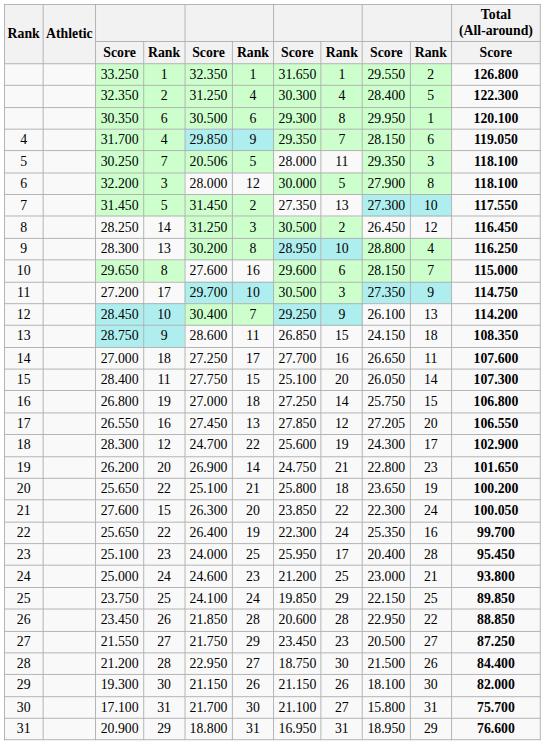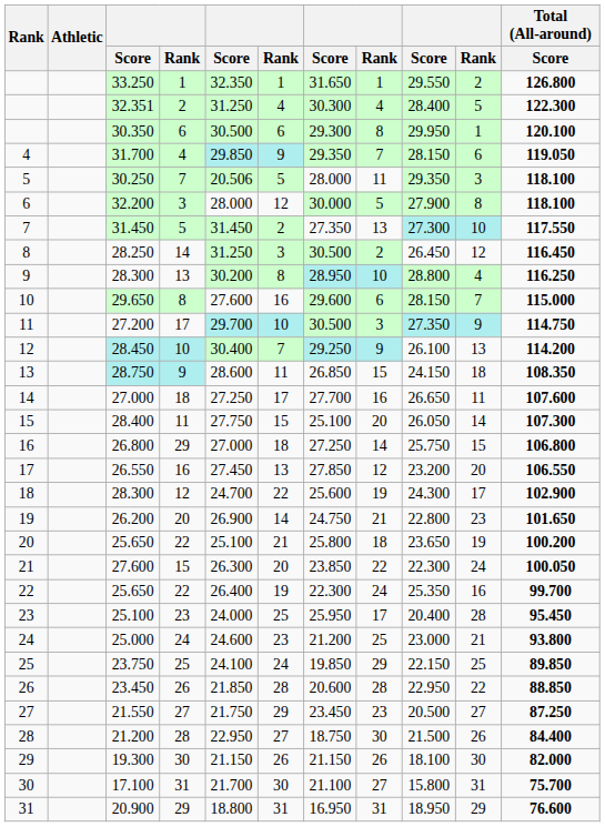 <table class="wikitable" style="text-align:center">
 <tr>
 <th rowspan="2">Rank</th>
 <th rowspan="2">Athletic</th>
 <th style="width:6em" colspan=2></th>
 <th style="width:6em" colspan=2></th>
 <th style="width:6em" colspan=2></th>
 <th style="width:6em" colspan=2></th>
 <th style="width:6em" colspan=2>Total<br>(All-around)</th>
 </tr>
 <tr>
 <th>Score</th>
 <th>Rank</th>
 <th>Score</th>
 <th>Rank</th>
 <th>Score</th>
 <th>Rank</th>
 <th>Score</th>
 <th>Rank</th>
 <th>Score</th>
 </tr>
 <tr>
 <td></td>
 <td align="left"></td>
 <td bgcolor="#ccffcc">33.250</td>
 <td bgcolor="#ccffcc">1</td>
 <td bgcolor="#ccffcc">32.350</td>
 <td bgcolor="#ccffcc">1</td>
 <td bgcolor="#ccffcc">31.650</td>
 <td bgcolor="#ccffcc">1</td>
 <td bgcolor="#ccffcc">29.550</td>
 <td bgcolor="#ccffcc">2</td>
 <td><strong>126.800</strong></td>
 </tr>
 <tr>
 <td></td>
 <td align="left"></td>
-<td bgcolor="#ccffcc">32.350</td>
+<td bgcolor="#ccffcc">32.351</td>
 <td bgcolor="#ccffcc">2</td>
 <td bgcolor="#ccffcc">31.250</td>
 <td bgcolor="#ccffcc">4</td>
 <td bgcolor="#ccffcc">30.300</td>
 <td bgcolor="#ccffcc">4</td>
 <td bgcolor="#ccffcc">28.400</td>
 <td bgcolor="#ccffcc">5</td>
 <td><strong>122.300</strong></td>
 </tr>
 <tr>
 <td></td>
 <td align="left"></td>
 <td bgcolor="#ccffcc">30.350</td>
 <td bgcolor="#ccffcc">6</td>
 <td bgcolor="#ccffcc">30.500</td>
 <td bgcolor="#ccffcc">6</td>
 <td bgcolor="#ccffcc">29.300</td>
 <td bgcolor="#ccffcc">8</td>
 <td bgcolor="#ccffcc">29.950</td>
 <td bgcolor="#ccffcc">1</td>
 <td><strong>120.100</strong></td>
 </tr>
 <tr>
 <td>4</td>
 <td align="left"></td>
 <td bgcolor="#ccffcc">31.700</td>
 <td bgcolor="#ccffcc">4</td>
 <td bgcolor="#afeeee">29.850</td>
 <td bgcolor="#afeeee">9</td>
 <td bgcolor="#ccffcc">29.350</td>
 <td bgcolor="#ccffcc">7</td>
 <td bgcolor="#ccffcc">28.150</td>
 <td bgcolor="#ccffcc">6</td>
 <td><strong>119.050</strong></td>
 </tr>
 <tr>
 <td>5</td>
 <td align="left"></td>
 <td bgcolor="#ccffcc">30.250</td>
 <td bgcolor="#ccffcc">7</td>
 <td bgcolor="#ccffcc">20.506</td>
 <td bgcolor="#ccffcc">5</td>
 <td>28.000</td>
 <td>11</td>
 <td bgcolor="#ccffcc">29.350</td>
 <td bgcolor="#ccffcc">3</td>
 <td><strong>118.100</strong></td>
 </tr>
 <tr>
 <td>6</td>
 <td align="left"></td>
 <td bgcolor="#ccffcc">32.200</td>
 <td bgcolor="#ccffcc">3</td>
 <td>28.000</td>
 <td>12</td>
 <td bgcolor="#ccffcc">30.000</td>
 <td bgcolor="#ccffcc">5</td>
 <td bgcolor="#ccffcc">27.900</td>
 <td bgcolor="#ccffcc">8</td>
 <td><strong>118.100</strong></td>
 </tr>
 <tr>
 <td>7</td>
 <td align="left"></td>
 <td bgcolor="#ccffcc">31.450</td>
 <td bgcolor="#ccffcc">5</td>
 <td bgcolor="#ccffcc">31.450</td>
 <td bgcolor="#ccffcc">2</td>
 <td>27.350</td>
 <td>13</td>
 <td bgcolor="#afeeee">27.300</td>
 <td bgcolor="#afeeee">10</td>
 <td><strong>117.550</strong></td>
 </tr>
 <tr>
 <td>8</td>
 <td align="left"></td>
 <td>28.250</td>
 <td>14</td>
 <td bgcolor="#ccffcc">31.250</td>
 <td bgcolor="#ccffcc">3</td>
 <td bgcolor="#ccffcc">30.500</td>
 <td bgcolor="#ccffcc">2</td>
 <td>26.450</td>
 <td>12</td>
 <td><strong>116.450</strong></td>
 </tr>
 <tr>
 <td>9</td>
 <td align="left"></td>
 <td>28.300</td>
 <td>13</td>
 <td bgcolor="#ccffcc">30.200</td>
 <td bgcolor="#ccffcc">8</td>
 <td bgcolor="#afeeee">28.950</td>
 <td bgcolor="#afeeee">10</td>
 <td bgcolor="#ccffcc">28.800</td>
 <td bgcolor="#ccffcc">4</td>
 <td><strong>116.250</strong></td>
 </tr>
 <tr>
 <td>10</td>
 <td align="left"></td>
 <td bgcolor="#ccffcc">29.650</td>
 <td bgcolor="#ccffcc">8</td>
 <td>27.600</td>
 <td>16</td>
 <td bgcolor="#ccffcc">29.600</td>
 <td bgcolor="#ccffcc">6</td>
 <td bgcolor="#ccffcc">28.150</td>
 <td bgcolor="#ccffcc">7</td>
 <td><strong>115.000</strong></td>
 </tr>
 <tr>
 <td>11</td>
 <td align="left"></td>
 <td>27.200</td>
 <td>17</td>
 <td bgcolor="#afeeee">29.700</td>
 <td bgcolor="#afeeee">10</td>
 <td bgcolor="#ccffcc">30.500</td>
 <td bgcolor="#ccffcc">3</td>
 <td bgcolor="#afeeee">27.350</td>
 <td bgcolor="#afeeee">9</td>
 <td><strong>114.750</strong></td>
 </tr>
 <tr>
 <td>12</td>
 <td align="left"></td>
 <td bgcolor="#afeeee">28.450</td>
 <td bgcolor="#afeeee">10</td>
 <td bgcolor="#ccffcc">30.400</td>
 <td bgcolor="#ccffcc">7</td>
 <td bgcolor="#afeeee">29.250</td>
 <td bgcolor="#afeeee">9</td>
 <td>26.100</td>
 <td>13</td>
 <td><strong>114.200</strong></td>
 </tr>
 <tr>
 <td>13</td>
 <td align="left"></td>
 <td bgcolor="#afeeee">28.750</td>
 <td bgcolor="#afeeee">9</td>
 <td>28.600</td>
 <td>11</td>
 <td>26.850</td>
 <td>15</td>
 <td>24.150</td>
 <td>18</td>
 <td><strong>108.350</strong></td>
 </tr>
 <tr>
 <td>14</td>
 <td align="left"></td>
 <td>27.000</td>
 <td>18</td>
 <td>27.250</td>
 <td>17</td>
 <td>27.700</td>
 <td>16</td>
 <td>26.650</td>
 <td>11</td>
 <td><strong>107.600</strong></td>
 </tr>
 <tr>
 <td>15</td>
 <td align="left"></td>
 <td>28.400</td>
 <td>11</td>
 <td>27.750</td>
 <td>15</td>
 <td>25.100</td>
 <td>20</td>
 <td>26.050</td>
 <td>14</td>
 <td><strong>107.300</strong></td>
 </tr>
 <tr>
 <td>16</td>
 <td align="left"></td>
 <td>26.800</td>
-<td>19</td>
+<td>29</td>
 <td>27.000</td>
 <td>18</td>
 <td>27.250</td>
 <td>14</td>
 <td>25.750</td>
 <td>15</td>
 <td><strong>106.800</strong></td>
 </tr>
 <tr>
 <td>17</td>
 <td align="left"></td>
 <td>26.550</td>
 <td>16</td>
 <td>27.450</td>
 <td>13</td>
 <td>27.850</td>
 <td>12</td>
-<td>27.205</td>
+<td>23.200</td>
 <td>20</td>
 <td><strong>106.550</strong></td>
 </tr>
 <tr>
 <td>18</td>
 <td align="left"></td>
 <td>28.300</td>
 <td>12</td>
 <td>24.700</td>
 <td>22</td>
 <td>25.600</td>
 <td>19</td>
 <td>24.300</td>
 <td>17</td>
 <td><strong>102.900</strong></td>
 </tr>
 <tr>
 <td>19</td>
 <td align="left"></td>
 <td>26.200</td>
 <td>20</td>
 <td>26.900</td>
 <td>14</td>
 <td>24.750</td>
 <td>21</td>
 <td>22.800</td>
 <td>23</td>
 <td><strong>101.650</strong></td>
 </tr>
 <tr>
 <td>20</td>
 <td align="left"></td>
 <td>25.650</td>
 <td>22</td>
 <td>25.100</td>
 <td>21</td>
 <td>25.800</td>
 <td>18</td>
 <td>23.650</td>
 <td>19</td>
 <td><strong>100.200</strong></td>
 </tr>
 <tr>
 <td>21</td>
 <td align="left"></td>
 <td>27.600</td>
 <td>15</td>
 <td>26.300</td>
 <td>20</td>
 <td>23.850</td>
 <td>22</td>
 <td>22.300</td>
 <td>24</td>
 <td><strong>100.050</strong></td>
 </tr>
 <tr>
 <td>22</td>
 <td align="left"></td>
 <td>25.650</td>
 <td>22</td>
 <td>26.400</td>
 <td>19</td>
 <td>22.300</td>
 <td>24</td>
 <td>25.350</td>
 <td>16</td>
 <td><strong>99.700</strong></td>
 </tr>
 <tr>
 <td>23</td>
 <td align="left"></td>
 <td>25.100</td>
 <td>23</td>
 <td>24.000</td>
 <td>25</td>
 <td>25.950</td>
 <td>17</td>
 <td>20.400</td>
 <td>28</td>
 <td><strong>95.450</strong></td>
 </tr>
 <tr>
 <td>24</td>
 <td align="left"></td>
 <td>25.000</td>
 <td>24</td>
 <td>24.600</td>
 <td>23</td>
 <td>21.200</td>
 <td>25</td>
 <td>23.000</td>
 <td>21</td>
 <td><strong>93.800</strong></td>
 </tr>
 <tr>
 <td>25</td>
 <td align="left"></td>
 <td>23.750</td>
 <td>25</td>
 <td>24.100</td>
 <td>24</td>
 <td>19.850</td>
 <td>29</td>
 <td>22.150</td>
 <td>25</td>
 <td><strong>89.850</strong></td>
 </tr>
 <tr>
 <td>26</td>
 <td align="left"></td>
 <td>23.450</td>
 <td>26</td>
 <td>21.850</td>
 <td>28</td>
 <td>20.600</td>
 <td>28</td>
 <td>22.950</td>
 <td>22</td>
 <td><strong>88.850</strong></td>
 </tr>
 <tr>
 <td>27</td>
 <td align="left"></td>
 <td>21.550</td>
 <td>27</td>
 <td>21.750</td>
 <td>29</td>
 <td>23.450</td>
 <td>23</td>
 <td>20.500</td>
 <td>27</td>
 <td><strong>87.250</strong></td>
 </tr>
 <tr>
 <td>28</td>
 <td align="left"></td>
 <td>21.200</td>
 <td>28</td>
 <td>22.950</td>
 <td>27</td>
 <td>18.750</td>
 <td>30</td>
 <td>21.500</td>
 <td>26</td>
 <td><strong>84.400</strong></td>
 </tr>
 <tr>
 <td>29</td>
 <td align="left"></td>
 <td>19.300</td>
 <td>30</td>
 <td>21.150</td>
 <td>26</td>
 <td>21.150</td>
 <td>26</td>
 <td>18.100</td>
 <td>30</td>
 <td><strong>82.000</strong></td>
 </tr>
 <tr>
 <td>30</td>
 <td align="left"></td>
 <td>17.100</td>
 <td>31</td>
 <td>21.700</td>
 <td>30</td>
 <td>21.100</td>
 <td>27</td>
 <td>15.800</td>
 <td>31</td>
 <td><strong>75.700</strong></td>
 </tr>
 <tr>
 <td>31</td>
 <td align="left"></td>
 <td>20.900</td>
 <td>29</td>
 <td>18.800</td>
 <td>31</td>
 <td>16.950</td>
 <td>31</td>
 <td>18.950</td>
 <td>29</td>
 <td><strong>76.600</strong></td>
 </tr>
 </table>
